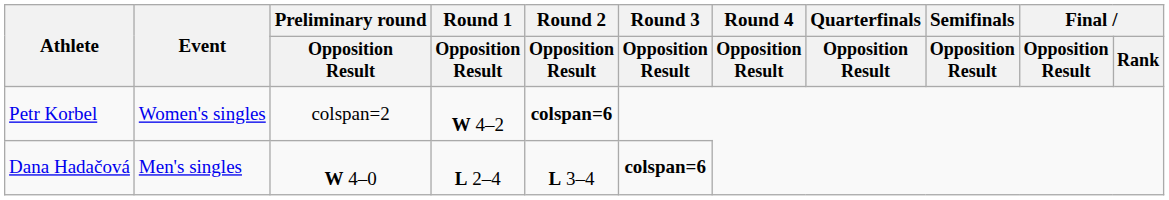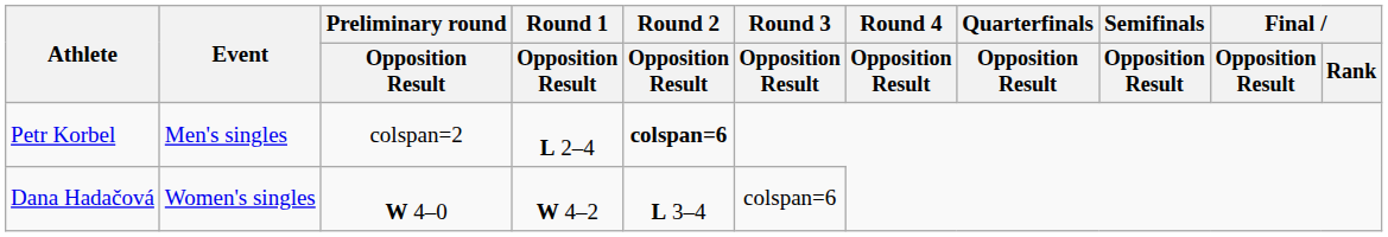 <table class="wikitable" style="font-size:90%">
 <tr>
 <th rowspan="2">Athlete</th>
 <th rowspan="2">Event</th>
 <th>Preliminary round</th>
 <th>Round 1</th>
 <th>Round 2</th>
 <th>Round 3</th>
 <th>Round 4</th>
 <th>Quarterfinals</th>
 <th>Semifinals</th>
 <th colspan=2>Final / </th>
 </tr>
 <tr style="font-size:95%">
 <th>Opposition<br>Result</th>
 <th>Opposition<br>Result</th>
 <th>Opposition<br>Result</th>
 <th>Opposition<br>Result</th>
 <th>Opposition<br>Result</th>
 <th>Opposition<br>Result</th>
 <th>Opposition<br>Result</th>
 <th>Opposition<br>Result</th>
 <th>Rank</th>
 </tr>
 <tr align=center>
 <td align=left><a href='#'>Petr Korbel</a></td>
-<td align=left><a href='#'>Women's singles</a></td>
+<td align=left><a href='#'>Men's singles</a></td>
 <td>colspan=2 </td>
-<td><br><strong>W</strong> 4–2</td>
+<td><br><strong>L</strong> 2–4</td>
 <td><strong>colspan=6 </strong></td>
 </tr>
 <tr align=center>
 <td align=left><a href='#'>Dana Hadačová</a></td>
-<td align=left><a href='#'>Men's singles</a></td>
+<td align=left><a href='#'>Women's singles</a></td>
 <td><br><strong>W</strong> 4–0</td>
-<td><br><strong>L</strong> 2–4</td>
+<td><br><strong>W</strong> 4–2</td>
 <td><br><strong>L</strong> 3–4</td>
-<td><strong>colspan=6 </strong></td>
+<td>colspan=6 </td>
 </tr>
 </table>
